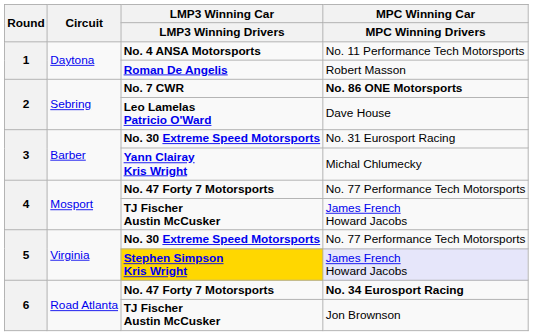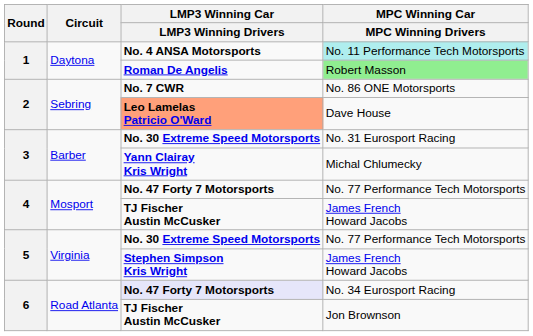 <table class="wikitable" style="font-size: 85%;">
 <tr>
 <th rowspan=2>Round</th>
 <th rowspan=2>Circuit</th>
 <th>LMP3 Winning Car</th>
 <th>MPC Winning Car</th>
 </tr>
 <tr>
 <th>LMP3 Winning Drivers</th>
 <th>MPC Winning Drivers</th>
 </tr>
 <tr>
 <th rowspan=2>1</th>
 <td rowspan=2><a href='#'>Daytona</a></td>
 <td><strong>No. 4 ANSA Motorsports</strong></td>
-<td>No. 11 Performance Tech Motorsports</td>
+<td style="background: paleturquoise;">No. 11 Performance Tech Motorsports</td>
 </tr>
 <tr>
 <td><strong> <a href='#'>Roman De Angelis</a></strong></td>
-<td> Robert Masson</td>
+<td style="background: lightgreen;"> Robert Masson</td>
 </tr>
 <tr>
 <th rowspan=2>2</th>
 <td rowspan=2><a href='#'>Sebring</a></td>
 <td><strong>No. 7 CWR</strong></td>
-<td><strong>No. 86 ONE Motorsports</strong></td>
+<td>No. 86 ONE Motorsports</td>
 </tr>
 <tr>
-<td><strong> Leo Lamelas<br> <a href='#'>Patricio O'Ward</a></strong></td>
+<td style="background: lightsalmon;"><strong> Leo Lamelas<br> <a href='#'>Patricio O'Ward</a></strong></td>
 <td> Dave House</td>
 </tr>
 <tr>
 <th rowspan=2>3</th>
 <td rowspan=2><a href='#'>Barber</a></td>
 <td><strong>No. 30 <a href='#'>Extreme Speed Motorsports</a></strong></td>
 <td>No. 31 Eurosport Racing</td>
 </tr>
 <tr>
 <td><strong> <a href='#'>Yann Clairay</a><br> <a href='#'>Kris Wright</a></strong></td>
 <td> Michal Chlumecky</td>
 </tr>
 <tr>
 <th rowspan=2>4</th>
 <td rowspan=2><a href='#'>Mosport</a></td>
 <td><strong>No. 47 Forty 7 Motorsports</strong></td>
 <td>No. 77 Performance Tech Motorsports</td>
 </tr>
 <tr>
 <td><strong> TJ Fischer<br> Austin McCusker</strong></td>
 <td> <a href='#'>James French</a><br> Howard Jacobs</td>
 </tr>
 <tr>
 <th rowspan=2>5</th>
 <td rowspan=2><a href='#'>Virginia</a></td>
 <td><strong>No. 30 <a href='#'>Extreme Speed Motorsports</a></strong></td>
 <td>No. 77 Performance Tech Motorsports</td>
 </tr>
 <tr>
-<td style="background: gold;"><strong> <a href='#'>Stephen Simpson</a><br> <a href='#'>Kris Wright</a></strong></td>
-<td style="background: lavender;"> <a href='#'>James French</a><br> Howard Jacobs</td>
+<td><strong> <a href='#'>Stephen Simpson</a><br> <a href='#'>Kris Wright</a></strong></td>
+<td> <a href='#'>James French</a><br> Howard Jacobs</td>
 </tr>
 <tr>
 <th rowspan=2>6</th>
 <td rowspan=2><a href='#'>Road Atlanta</a></td>
-<td><strong>No. 47 Forty 7 Motorsports</strong></td>
-<td><strong>No. 34 Eurosport Racing</strong></td>
+<td style="background: lavender;"><strong>No. 47 Forty 7 Motorsports</strong></td>
+<td>No. 34 Eurosport Racing</td>
 </tr>
 <tr>
 <td><strong> TJ Fischer<br> Austin McCusker</strong></td>
 <td> Jon Brownson</td>
 </tr>
 </table>
